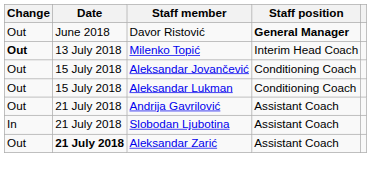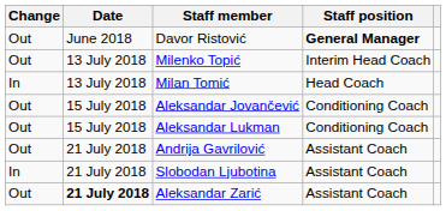 <table class="wikitable">
 <tr>
 <th>Change</th>
 <th>Date</th>
 <th>Staff member</th>
 <th>Staff position</th>
 <th></th>
 </tr>
 <tr>
 <td>Out</td>
 <td>June 2018</td>
 <td> Davor Ristović</td>
 <td><strong>General Manager</strong></td>
 <td></td>
 </tr>
 <tr>
-<td><strong>Out</strong></td>
+<td>Out</td>
 <td>13 July 2018</td>
 <td> <a href='#'>Milenko Topić</a></td>
 <td>Interim Head Coach</td>
+<td></td>
+</tr>
+<tr>
+<td>In</td>
+<td>13 July 2018</td>
+<td> <a href='#'>Milan Tomić</a></td>
+<td>Head Coach</td>
 <td></td>
 </tr>
 <tr>
 <td>Out</td>
 <td>15 July 2018</td>
 <td> <a href='#'>Aleksandar Jovančević</a></td>
 <td>Conditioning Coach</td>
 <td></td>
 </tr>
 <tr>
 <td>Out</td>
 <td>15 July 2018</td>
 <td> <a href='#'>Aleksandar Lukman</a></td>
 <td>Conditioning Coach</td>
 <td></td>
 </tr>
 <tr>
 <td>Out</td>
 <td>21 July 2018</td>
 <td> <a href='#'>Andrija Gavrilović</a></td>
 <td>Assistant Coach</td>
 <td></td>
 </tr>
 <tr>
 <td>In</td>
 <td>21 July 2018</td>
 <td> <a href='#'>Slobodan Ljubotina</a></td>
 <td>Assistant Coach</td>
 <td></td>
 </tr>
 <tr>
 <td>Out</td>
 <td><strong>21 July 2018</strong></td>
 <td> <a href='#'>Aleksandar Zarić</a></td>
 <td>Assistant Coach</td>
 <td></td>
 </tr>
 </table>
